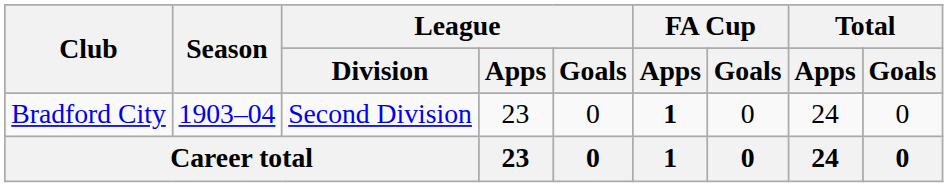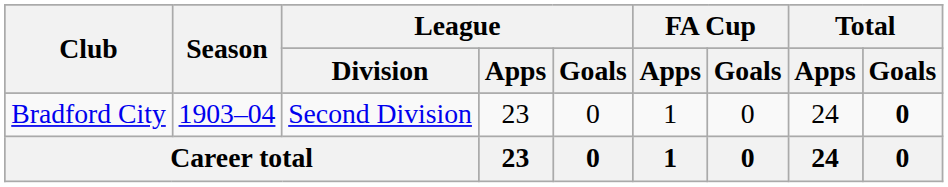 <table class="wikitable" style="text-align: center;">
 <tr>
 <th rowspan="2">Club</th>
 <th rowspan="2">Season</th>
 <th colspan="3">League</th>
 <th colspan="2">FA Cup</th>
 <th colspan="2">Total</th>
 </tr>
 <tr>
 <th>Division</th>
 <th>Apps</th>
 <th>Goals</th>
 <th>Apps</th>
 <th>Goals</th>
 <th>Apps</th>
 <th>Goals</th>
 </tr>
 <tr>
 <td><a href='#'>Bradford City</a></td>
 <td><a href='#'>1903–04</a></td>
 <td><a href='#'>Second Division</a></td>
 <td>23</td>
 <td>0</td>
-<td><strong>1</strong></td>
+<td>1</td>
 <td>0</td>
 <td>24</td>
-<td>0</td>
+<td><strong>0</strong></td>
 </tr>
 <tr>
 <th colspan="3">Career total</th>
 <th>23</th>
 <th>0</th>
 <th>1</th>
 <th>0</th>
 <th>24</th>
 <th>0</th>
 </tr>
 </table>
